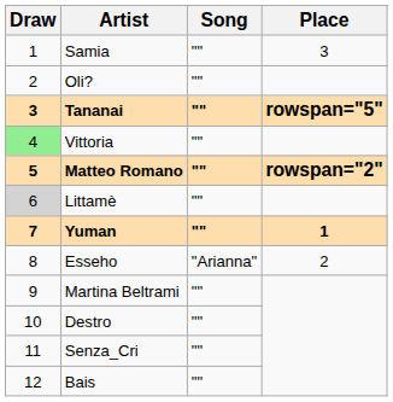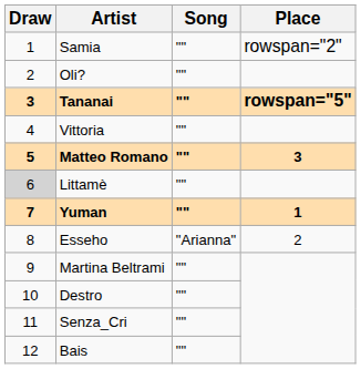 <table class="wikitable sortable">
 <tr>
 <th>Draw</th>
 <th>Artist</th>
 <th>Song</th>
 <th>Place</th>
 </tr>
 <tr>
 <td align="center"><small>1</small></td>
 <td><small>Samia</small></td>
 <td><small>""</small></td>
-<td align="center"><small>3</small></td>
+<td>rowspan="2" </td>
 </tr>
 <tr>
 <td align="center"><small>2</small></td>
 <td><small>Oli?</small></td>
 <td><small>""</small></td>
 </tr>
 <tr style="font-weight:bold; background:#FFDEAD;">
 <td align="center"><small>3</small></td>
 <td><small>Tananai</small></td>
 <td><small>""</small></td>
 <td>rowspan="5" </td>
 </tr>
 <tr>
-<td align="center" style="background: lightgreen;"><small>4</small></td>
+<td align="center"><small>4</small></td>
 <td><small>Vittoria</small></td>
 <td><small>""</small></td>
 <td></td>
 </tr>
 <tr style="font-weight:bold; background:#FFDEAD;">
 <td align="center"><small>5</small></td>
 <td><small>Matteo Romano</small></td>
 <td><small>""</small></td>
-<td>rowspan="2" </td>
+<td align="center"><small>3</small></td>
 </tr>
 <tr>
 <td align="center" style="background: lightgrey;"><small>6</small></td>
 <td><small>Littamè</small></td>
 <td><small>""</small></td>
 <td></td>
 </tr>
 <tr style="font-weight:bold; background:#FFDEAD;">
 <td align="center"><small>7</small></td>
 <td><small>Yuman</small></td>
 <td><small>""</small></td>
 <td align="center"><small>1</small></td>
 </tr>
 <tr>
 <td align="center"><small>8</small></td>
 <td><small>Esseho</small></td>
 <td><small>"Arianna"</small></td>
 <td align="center"><small>2</small></td>
 </tr>
 <tr>
 <td align="center"><small>9</small></td>
 <td><small>Martina Beltrami</small></td>
 <td><small>""</small></td>
 </tr>
 <tr>
 <td align="center"><small>10</small></td>
 <td><small>Destro</small></td>
 <td><small>""</small></td>
 </tr>
 <tr>
 <td align="center"><small>11</small></td>
 <td><small>Senza_Cri</small></td>
 <td><small>""</small></td>
 </tr>
 <tr>
 <td align="center"><small>12</small></td>
 <td><small>Bais</small></td>
 <td><small>""</small></td>
 </tr>
 </table>
